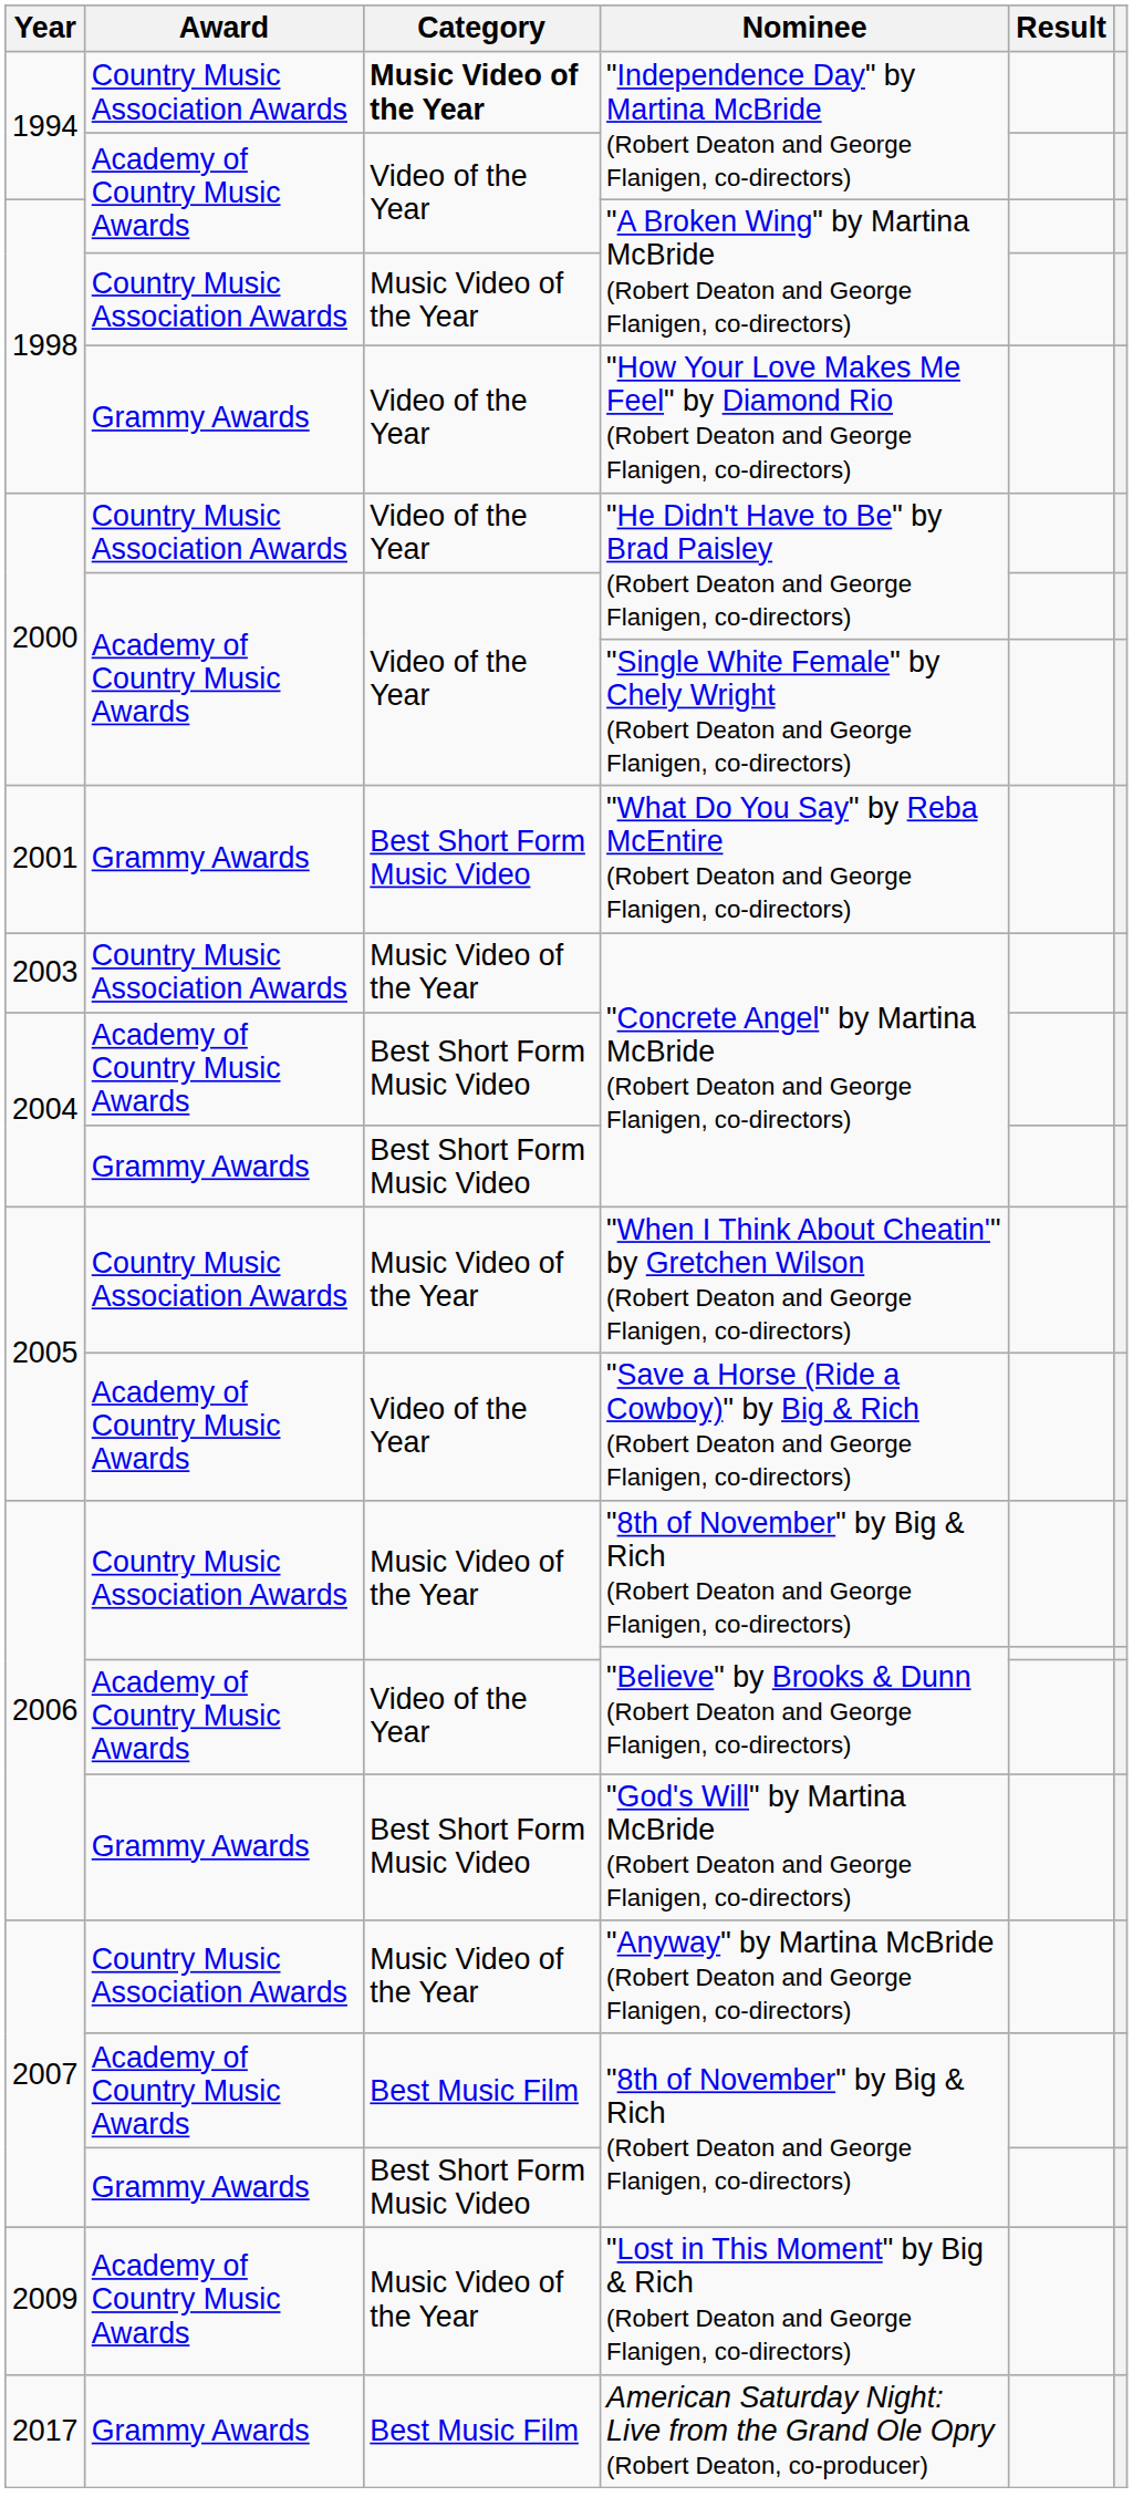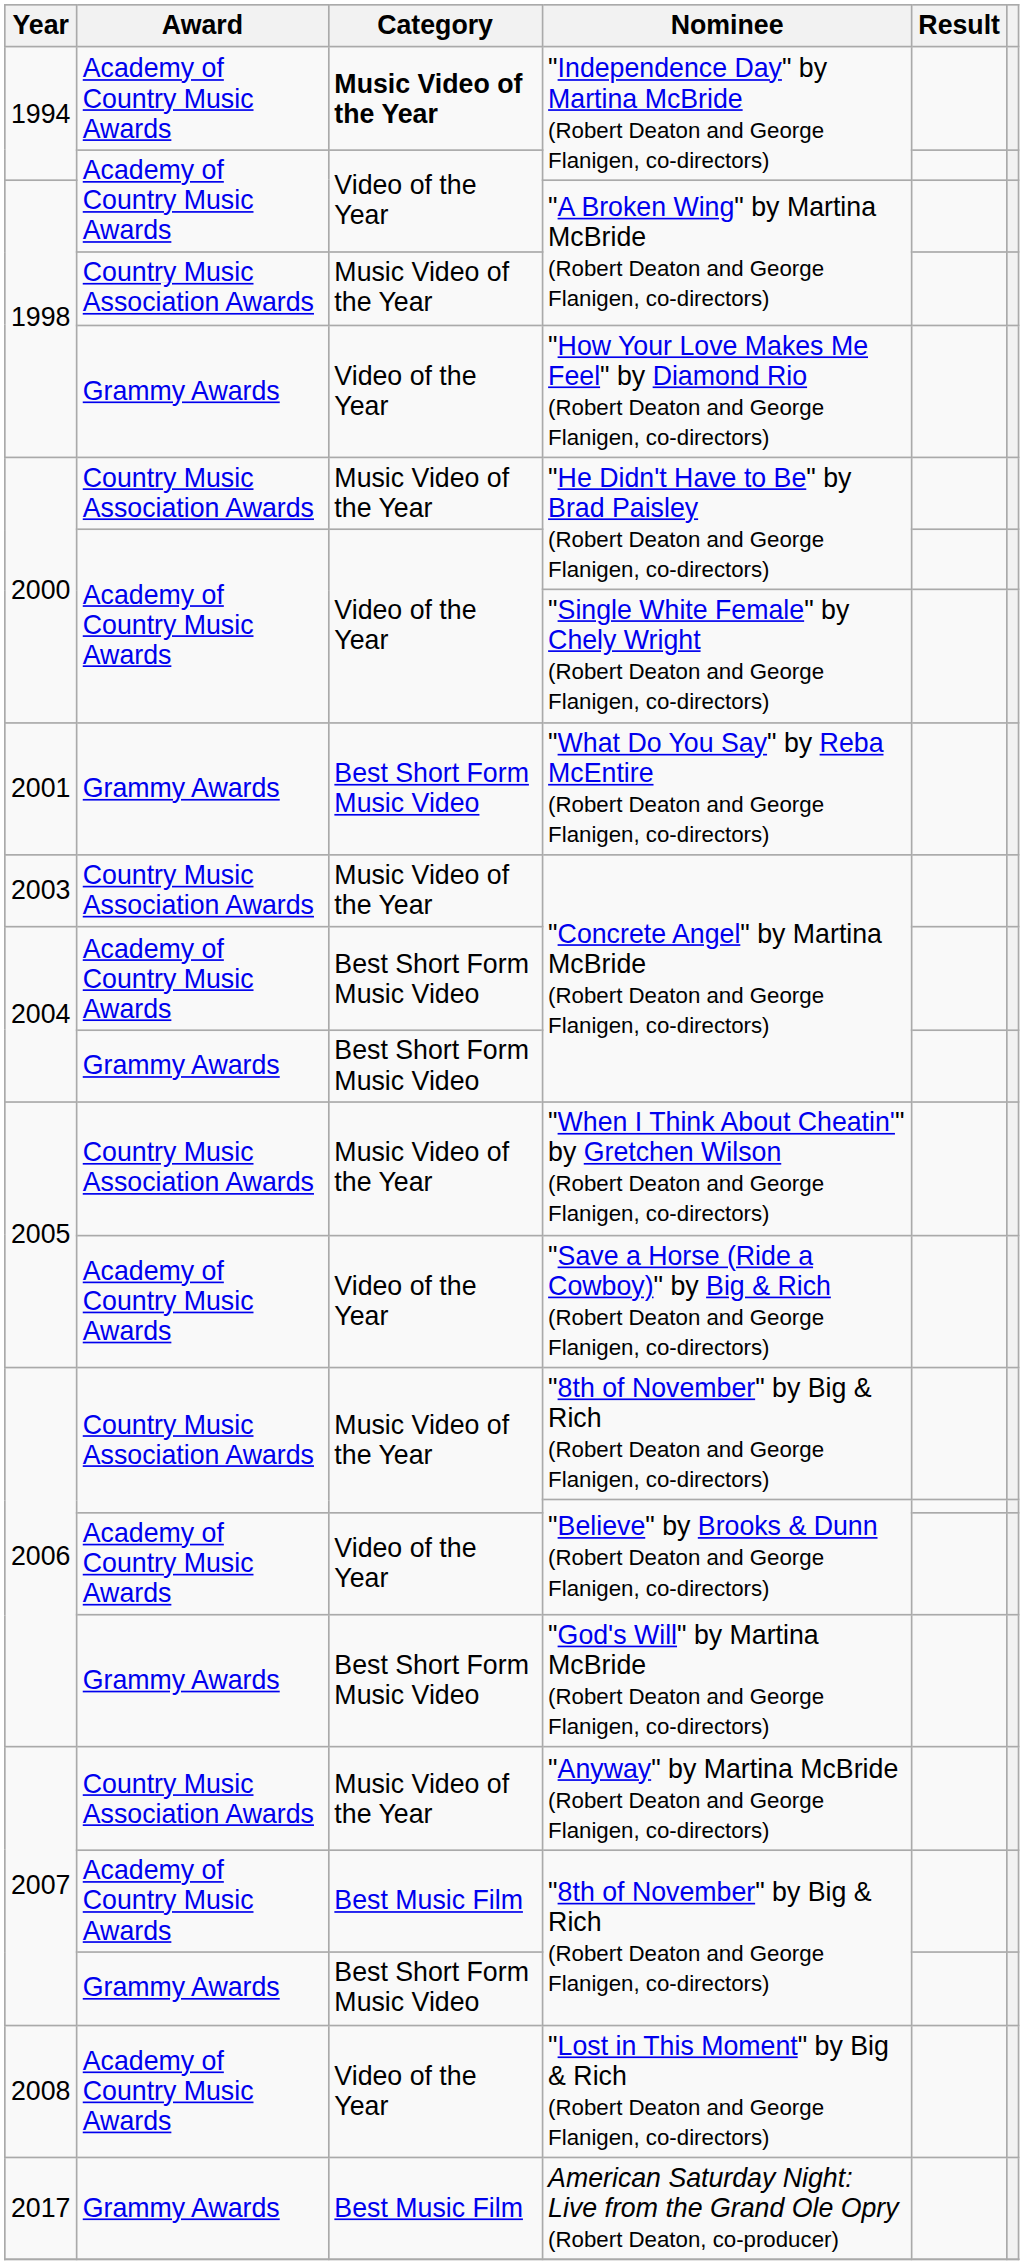 <table class="wikitable sortable">
 <tr>
 <th>Year</th>
 <th>Award</th>
 <th>Category</th>
 <th>Nominee</th>
 <th>Result</th>
 <th></th>
 </tr>
 <tr>
 <td rowspan="2">1994</td>
-<td><a href='#'>Country Music Association Awards</a></td>
+<td><a href='#'>Academy of Country Music Awards</a></td>
 <td><strong>Music Video of the Year</strong></td>
 <td rowspan="2">"<a href='#'>Independence Day</a>" by <a href='#'>Martina McBride</a><br><small>(Robert Deaton and George Flanigen, co-directors)</small></td>
 <td></td>
 <th align=center></th>
 </tr>
 <tr>
 <td rowspan="2"><a href='#'>Academy of Country Music Awards</a></td>
 <td rowspan="2">Video of the Year</td>
 <td></td>
 <th align=center></th>
 </tr>
 <tr>
 <td rowspan="3">1998</td>
 <td rowspan="2">"<a href='#'>A Broken Wing</a>" by Martina McBride<br><small>(Robert Deaton and George Flanigen, co-directors)</small></td>
 <td></td>
 <th align=center></th>
 </tr>
 <tr>
 <td><a href='#'>Country Music Association Awards</a></td>
 <td>Music Video of the Year</td>
 <td></td>
 <th align=center></th>
 </tr>
 <tr>
 <td><a href='#'>Grammy Awards</a></td>
 <td>Video of the Year</td>
 <td>"<a href='#'>How Your Love Makes Me Feel</a>" by <a href='#'>Diamond Rio</a><br><small>(Robert Deaton and George Flanigen, co-directors)</small></td>
 <td></td>
 <th align=center></th>
 </tr>
 <tr>
 <td rowspan="3">2000</td>
 <td><a href='#'>Country Music Association Awards</a></td>
-<td>Video of the Year</td>
+<td>Music Video of the Year</td>
 <td rowspan="2">"<a href='#'>He Didn't Have to Be</a>" by <a href='#'>Brad Paisley</a><br><small>(Robert Deaton and George Flanigen, co-directors)</small></td>
 <td></td>
 <th align=center></th>
 </tr>
 <tr>
 <td rowspan="2"><a href='#'>Academy of Country Music Awards</a></td>
 <td rowspan="2">Video of the Year</td>
 <td></td>
 <th align=center></th>
 </tr>
 <tr>
 <td>"<a href='#'>Single White Female</a>" by <a href='#'>Chely Wright</a><br><small>(Robert Deaton and George Flanigen, co-directors)</small></td>
 <td></td>
 <th align=center></th>
 </tr>
 <tr>
 <td>2001</td>
 <td><a href='#'>Grammy Awards</a></td>
 <td><a href='#'>Best Short Form Music Video</a></td>
 <td>"<a href='#'>What Do You Say</a>" by <a href='#'>Reba McEntire</a><br><small>(Robert Deaton and George Flanigen, co-directors)</small></td>
 <td></td>
 <th align=center></th>
 </tr>
 <tr>
 <td>2003</td>
 <td><a href='#'>Country Music Association Awards</a></td>
 <td>Music Video of the Year</td>
 <td rowspan="3">"<a href='#'>Concrete Angel</a>" by Martina McBride<br><small>(Robert Deaton and George Flanigen, co-directors)</small></td>
 <td></td>
 <th align=center></th>
 </tr>
 <tr>
 <td rowspan="2">2004</td>
 <td><a href='#'>Academy of Country Music Awards</a></td>
 <td>Best Short Form Music Video</td>
 <td></td>
 <th align=center></th>
 </tr>
 <tr>
 <td><a href='#'>Grammy Awards</a></td>
 <td>Best Short Form Music Video</td>
 <td></td>
 <th align=center></th>
 </tr>
 <tr>
 <td rowspan="2">2005</td>
 <td><a href='#'>Country Music Association Awards</a></td>
 <td>Music Video of the Year</td>
 <td>"<a href='#'>When I Think About Cheatin'</a>" by <a href='#'>Gretchen Wilson</a><br><small>(Robert Deaton and George Flanigen, co-directors)</small></td>
 <td></td>
 <th align=center></th>
 </tr>
 <tr>
 <td><a href='#'>Academy of Country Music Awards</a></td>
 <td>Video of the Year</td>
 <td>"<a href='#'>Save a Horse (Ride a Cowboy)</a>" by <a href='#'>Big & Rich</a><br><small>(Robert Deaton and George Flanigen, co-directors)</small></td>
 <td></td>
 <th align=center></th>
 </tr>
 <tr>
 <td rowspan="4">2006</td>
 <td rowspan="2"><a href='#'>Country Music Association Awards</a></td>
 <td rowspan="2">Music Video of the Year</td>
 <td>"<a href='#'>8th of November</a>" by Big & Rich<br><small>(Robert Deaton and George Flanigen, co-directors)</small></td>
 <td></td>
 <th align=center></th>
 </tr>
 <tr>
 <td rowspan="2">"<a href='#'>Believe</a>" by <a href='#'>Brooks & Dunn</a><br><small>(Robert Deaton and George Flanigen, co-directors)</small></td>
 <td></td>
 <th align=center></th>
 </tr>
 <tr>
 <td><a href='#'>Academy of Country Music Awards</a></td>
 <td>Video of the Year</td>
 <td></td>
 <th align=center></th>
 </tr>
 <tr>
 <td><a href='#'>Grammy Awards</a></td>
 <td>Best Short Form Music Video</td>
 <td>"<a href='#'>God's Will</a>" by Martina McBride<br><small>(Robert Deaton and George Flanigen, co-directors)</small></td>
 <td></td>
 <th align=center></th>
 </tr>
 <tr>
 <td rowspan="3">2007</td>
 <td><a href='#'>Country Music Association Awards</a></td>
 <td>Music Video of the Year</td>
 <td>"<a href='#'>Anyway</a>" by Martina McBride<br><small>(Robert Deaton and George Flanigen, co-directors)</small></td>
 <td></td>
 <th align=center></th>
 </tr>
 <tr>
 <td><a href='#'>Academy of Country Music Awards</a></td>
 <td><a href='#'>Best Music Film</a></td>
 <td rowspan="2">"<a href='#'>8th of November</a>" by Big & Rich<br><small>(Robert Deaton and George Flanigen, co-directors)</small></td>
 <td></td>
 <th align=center></th>
 </tr>
 <tr>
 <td><a href='#'>Grammy Awards</a></td>
 <td>Best Short Form Music Video</td>
 <td></td>
 <th align=center></th>
 </tr>
 <tr>
-<td>2009</td>
+<td>2008</td>
 <td><a href='#'>Academy of Country Music Awards</a></td>
-<td>Music Video of the Year</td>
+<td>Video of the Year</td>
 <td>"<a href='#'>Lost in This Moment</a>" by Big & Rich<br><small>(Robert Deaton and George Flanigen, co-directors)</small></td>
 <td></td>
 <th align=center></th>
 </tr>
 <tr>
 <td>2017</td>
 <td><a href='#'>Grammy Awards</a></td>
 <td><a href='#'>Best Music Film</a></td>
 <td><em>American Saturday Night: Live from the Grand Ole Opry</em><br><small>(Robert Deaton, co-producer)</small></td>
 <td></td>
 <th align=center></th>
 </tr>
 <tr>
 </tr>
 </table>
